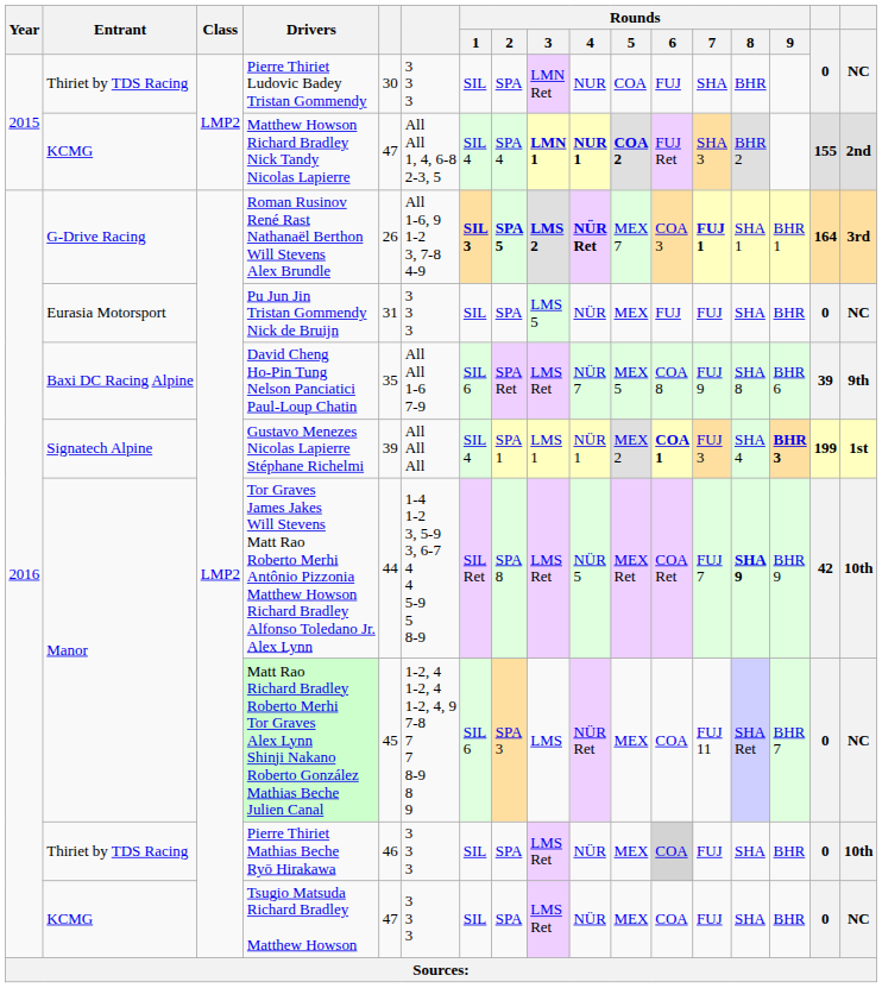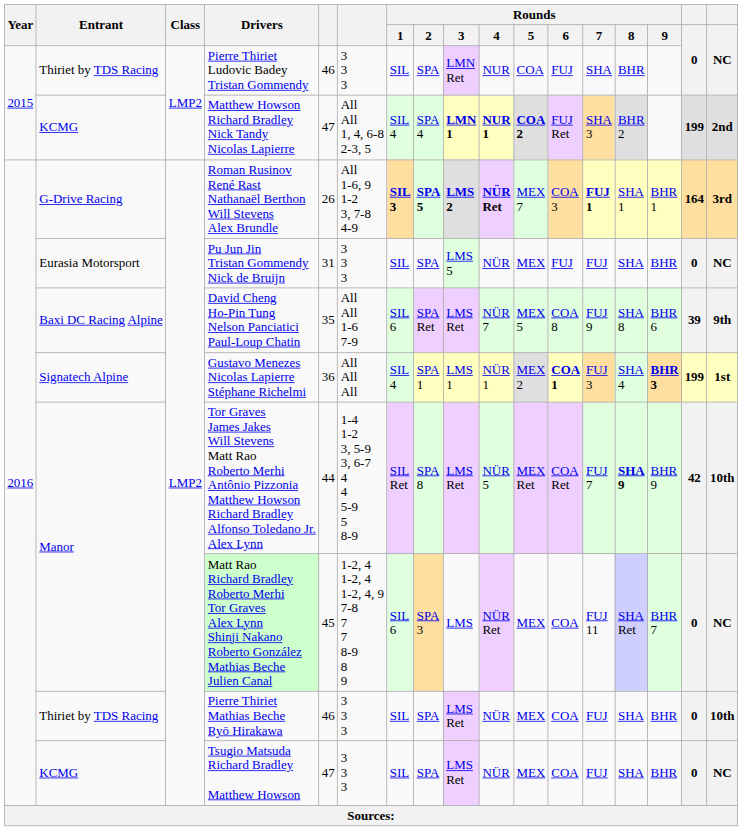 <table class="wikitable">
 <tr>
 <th rowspan="2">Year</th>
 <th rowspan="2">Entrant</th>
 <th rowspan="2">Class</th>
 <th rowspan="2">Drivers</th>
 <th rowspan="2"></th>
 <th rowspan="2"></th>
 <th colspan="9">Rounds</th>
 <th></th>
 <th></th>
 </tr>
 <tr>
 <th>1</th>
 <th>2</th>
 <th>3</th>
 <th>4</th>
 <th>5</th>
 <th>6</th>
 <th>7</th>
 <th>8</th>
 <th>9</th>
 <th rowspan="2">0</th>
 <th rowspan="2">NC</th>
 </tr>
 <tr>
 <td rowspan="2"><a href='#'>2015</a></td>
 <td> Thiriet by <a href='#'>TDS Racing</a></td>
 <td rowspan="2"><a href='#'>LMP2</a></td>
 <td> <a href='#'>Pierre Thiriet</a><br> Ludovic Badey<br> <a href='#'>Tristan Gommendy</a></td>
-<td>30</td>
+<td>46</td>
 <td>3<br>3<br>3</td>
 <td><a href='#'>SIL</a><br></td>
 <td><a href='#'>SPA</a><br></td>
 <td style="background:#EFCFFF;"><a href='#'>LMN</a><br>Ret</td>
 <td><a href='#'>NUR</a><br></td>
 <td><a href='#'>COA</a><br></td>
 <td><a href='#'>FUJ</a><br></td>
 <td><a href='#'>SHA</a><br></td>
 <td><a href='#'>BHR</a><br></td>
 <td></td>
 </tr>
 <tr>
 <td> <a href='#'>KCMG</a></td>
 <td> <a href='#'>Matthew Howson</a><br> <a href='#'>Richard Bradley</a><br> <a href='#'>Nick Tandy</a><br> <a href='#'>Nicolas Lapierre</a></td>
 <td>47</td>
 <td>All<br>All<br>1, 4, 6-8<br>2-3, 5</td>
 <td style="background:#DFFFDF;"><a href='#'>SIL</a><br>4</td>
 <td style="background:#DFFFDF;"><a href='#'>SPA</a><br>4</td>
 <td style="background:#FFFFBF;”"><strong><a href='#'>LMN</a><br>1</strong></td>
 <td style="background:#FFFFBF;”"><strong><a href='#'>NUR</a><br>1</strong></td>
 <td style="background:#DFDFDF;”"><strong><a href='#'>COA</a><br>2</strong></td>
 <td style="background:#EFCFFF;"><a href='#'>FUJ</a><br>Ret</td>
 <td style="background:#FFDF9F;”"><a href='#'>SHA</a><br>3</td>
 <td style="background:#DFDFDF;”"><a href='#'>BHR</a><br>2</td>
 <td></td>
-<th style="background:#DFDFDF;”">155</th>
+<th style="background:#DFDFDF;”">199</th>
 <th style="background:#DFDFDF;”">2nd</th>
 </tr>
 <tr>
 <td rowspan="8"><a href='#'>2016</a></td>
 <td> <a href='#'>G-Drive Racing</a></td>
 <td rowspan="8"><a href='#'>LMP2</a></td>
 <td> <a href='#'>Roman Rusinov</a><br> <a href='#'>René Rast</a><br> <a href='#'>Nathanaël Berthon</a><br> <a href='#'>Will Stevens</a><br> <a href='#'>Alex Brundle</a></td>
 <td>26</td>
 <td>All<br>1-6, 9<br>1-2<br>3, 7-8<br>4-9</td>
 <td style="background:#FFDF9F;”"><strong><a href='#'>SIL</a><br>3</strong></td>
 <td style="background:#DFFFDF;"><strong><a href='#'>SPA</a><br>5</strong></td>
 <td style="background:#DFDFDF;”"><strong><a href='#'>LMS</a><br>2</strong></td>
 <td style="background:#EFCFFF;"><strong><a href='#'>NÜR</a><br>Ret</strong></td>
 <td style="background:#DFFFDF;"><a href='#'>MEX</a><br>7</td>
 <td style="background:#FFDF9F;”"><a href='#'>COA</a><br>3</td>
 <td style="background:#FFFFBF;”"><strong><a href='#'>FUJ</a><br>1</strong></td>
 <td style="background:#FFFFBF;”"><a href='#'>SHA</a><br>1</td>
 <td style="background:#FFFFBF;”"><a href='#'>BHR</a><br>1</td>
 <th style="background:#FFDF9F;”">164</th>
 <th style="background:#FFDF9F;”">3rd</th>
 </tr>
 <tr>
 <td> Eurasia Motorsport</td>
 <td> <a href='#'>Pu Jun Jin</a><br> <a href='#'>Tristan Gommendy</a><br> <a href='#'>Nick de Bruijn</a></td>
 <td>31</td>
 <td>3<br>3<br>3</td>
 <td><a href='#'>SIL</a><br></td>
 <td><a href='#'>SPA</a><br></td>
 <td style="background:#DFFFDF;"><a href='#'>LMS</a><br>5</td>
 <td><a href='#'>NÜR</a><br></td>
 <td><a href='#'>MEX</a><br></td>
 <td><a href='#'>FUJ</a><br></td>
 <td><a href='#'>FUJ</a><br></td>
 <td><a href='#'>SHA</a><br></td>
 <td><a href='#'>BHR</a><br></td>
 <th>0</th>
 <th>NC</th>
 </tr>
 <tr>
 <td> <a href='#'>Baxi DC Racing</a> <a href='#'>Alpine</a></td>
 <td> <a href='#'>David Cheng</a><br> <a href='#'>Ho-Pin Tung</a><br> <a href='#'>Nelson Panciatici</a><br> <a href='#'>Paul-Loup Chatin</a></td>
 <td>35</td>
 <td>All<br>All<br>1-6<br>7-9</td>
 <td style="background:#DFFFDF;"><a href='#'>SIL</a><br>6</td>
 <td style="background:#EFCFFF;"><a href='#'>SPA</a><br>Ret</td>
 <td style="background:#EFCFFF;"><a href='#'>LMS</a><br>Ret</td>
 <td style="background:#DFFFDF;"><a href='#'>NÜR</a><br>7</td>
 <td style="background:#DFFFDF;"><a href='#'>MEX</a><br>5</td>
 <td style="background:#DFFFDF;"><a href='#'>COA</a><br>8</td>
 <td style="background:#DFFFDF;"><a href='#'>FUJ</a><br>9</td>
 <td style="background:#DFFFDF;"><a href='#'>SHA</a><br>8</td>
 <td style="background:#DFFFDF;"><a href='#'>BHR</a><br>6</td>
 <th>39</th>
 <th>9th</th>
 </tr>
 <tr>
 <td> <a href='#'>Signatech Alpine</a></td>
 <td> <a href='#'>Gustavo Menezes</a><br> <a href='#'>Nicolas Lapierre</a><br> <a href='#'>Stéphane Richelmi</a></td>
-<td>39</td>
+<td>36</td>
 <td>All<br>All<br>All</td>
 <td style="background:#DFFFDF;"><a href='#'>SIL</a><br>4</td>
 <td style="background:#FFFFBF;”"><a href='#'>SPA</a><br>1</td>
 <td style="background:#FFFFBF;”"><a href='#'>LMS</a><br>1</td>
 <td style="background:#FFFFBF;”"><a href='#'>NÜR</a><br>1</td>
 <td style="background:#DFDFDF;”"><a href='#'>MEX</a><br>2</td>
 <td style="background:#FFFFBF;”"><a href='#'><strong>COA</strong></a><br><strong>1</strong></td>
 <td style="background:#FFDF9F;”"><a href='#'>FUJ</a><br>3</td>
 <td style="background:#DFFFDF;"><a href='#'>SHA</a><br>4</td>
 <td style="background:#FFDF9F;”"><a href='#'><strong>BHR</strong></a><br><strong>3</strong></td>
 <th style="background:#FFFFBF;”">199</th>
 <th style="background:#FFFFBF;”">1st</th>
 </tr>
 <tr>
 <td rowspan="2"> <a href='#'>Manor</a></td>
 <td> <a href='#'>Tor Graves</a><br> <a href='#'>James Jakes</a><br> <a href='#'>Will Stevens</a><br> Matt Rao<br> <a href='#'>Roberto Merhi</a><br> <a href='#'>Antônio Pizzonia</a><br> <a href='#'>Matthew Howson</a><br> <a href='#'>Richard Bradley</a><br> <a href='#'>Alfonso Toledano Jr.</a><br> <a href='#'>Alex Lynn</a></td>
 <td>44</td>
 <td>1-4<br>1-2<br>3, 5-9<br>3, 6-7<br>4<br>4<br>5-9<br>5<br>8-9</td>
 <td style="background:#EFCFFF;"><a href='#'>SIL</a><br>Ret</td>
 <td style="background:#DFFFDF;"><a href='#'>SPA</a><br>8</td>
 <td style="background:#EFCFFF;"><a href='#'>LMS</a><br>Ret</td>
 <td style="background:#DFFFDF;"><a href='#'>NÜR</a><br>5</td>
 <td style="background:#EFCFFF;"><a href='#'>MEX</a><br>Ret</td>
 <td style="background:#EFCFFF;"><a href='#'>COA</a><br>Ret</td>
 <td style="background:#DFFFDF;"><a href='#'>FUJ</a><br>7</td>
 <td style="background:#DFFFDF;"><a href='#'><strong>SHA</strong></a><br><strong>9</strong></td>
 <td style="background:#DFFFDF;"><a href='#'>BHR</a><br>9</td>
 <th>42</th>
 <th>10th</th>
 </tr>
 <tr>
 <td style="background-color: #ccffcc"> Matt Rao<br> <a href='#'>Richard Bradley</a><br> <a href='#'>Roberto Merhi</a><br> <a href='#'>Tor Graves</a><br> <a href='#'>Alex Lynn</a><br> <a href='#'>Shinji Nakano</a><br> <a href='#'>Roberto González</a><br> <a href='#'>Mathias Beche</a><br> <a href='#'>Julien Canal</a></td>
 <td>45</td>
 <td>1-2, 4<br>1-2, 4<br>1-2, 4, 9<br>7-8<br>7<br>7<br>8-9<br>8<br>9</td>
 <td style="background:#DFFFDF;"><a href='#'>SIL</a><br>6</td>
 <td style="background:#FFDF9F;”"><a href='#'>SPA</a><br>3</td>
 <td><a href='#'>LMS</a><br></td>
 <td style="background:#EFCFFF;"><a href='#'>NÜR</a><br>Ret</td>
 <td><a href='#'>MEX</a><br></td>
 <td><a href='#'>COA</a><br></td>
 <td><a href='#'>FUJ</a><br>11</td>
 <td style="background:#CFCFFF;”"><a href='#'>SHA</a><br>Ret</td>
 <td style="background:#DFFFDF;"><a href='#'>BHR</a><br>7</td>
 <th>0</th>
 <th>NC</th>
 </tr>
 <tr>
 <td> Thiriet by <a href='#'>TDS Racing</a></td>
 <td> <a href='#'>Pierre Thiriet</a><br> <a href='#'>Mathias Beche</a><br> <a href='#'>Ryō Hirakawa</a></td>
 <td>46</td>
 <td>3<br>3<br>3</td>
 <td><a href='#'>SIL</a><br></td>
 <td><a href='#'>SPA</a><br></td>
 <td style="background:#EFCFFF;"><a href='#'>LMS</a><br>Ret</td>
 <td><a href='#'>NÜR</a><br></td>
 <td><a href='#'>MEX</a><br></td>
-<td style="background: lightgrey;"><a href='#'>COA</a><br></td>
+<td><a href='#'>COA</a><br></td>
 <td><a href='#'>FUJ</a><br></td>
 <td><a href='#'>SHA</a><br></td>
 <td><a href='#'>BHR</a><br></td>
 <th>0</th>
 <th>10th</th>
 </tr>
 <tr>
 <td> <a href='#'>KCMG</a></td>
 <td> <a href='#'>Tsugio Matsuda</a><br> <a href='#'>Richard Bradley</a><br><br> <a href='#'>Matthew Howson</a></td>
 <td>47</td>
 <td>3<br>3<br>3</td>
 <td><a href='#'>SIL</a><br></td>
 <td><a href='#'>SPA</a><br></td>
 <td style="background:#EFCFFF;"><a href='#'>LMS</a><br>Ret</td>
 <td><a href='#'>NÜR</a><br></td>
 <td><a href='#'>MEX</a><br></td>
 <td><a href='#'>COA</a><br></td>
 <td><a href='#'>FUJ</a><br></td>
 <td><a href='#'>SHA</a><br></td>
 <td><a href='#'>BHR</a><br></td>
 <th>0</th>
 <th>NC</th>
 </tr>
 <tr>
 <th colspan="17">Sources:</th>
 </tr>
 </table>
